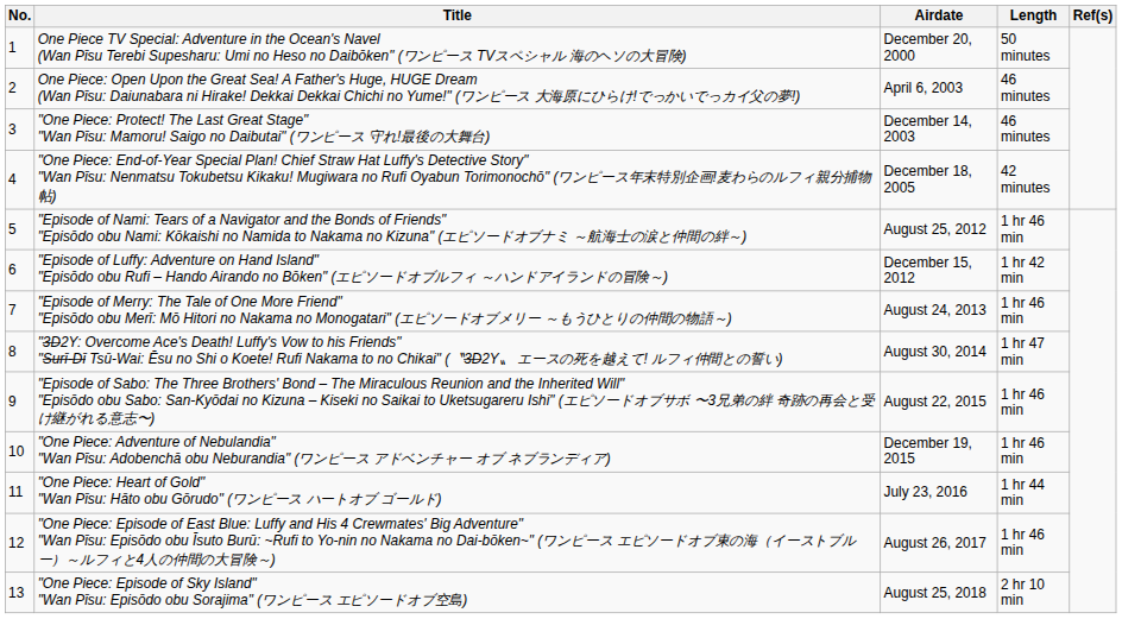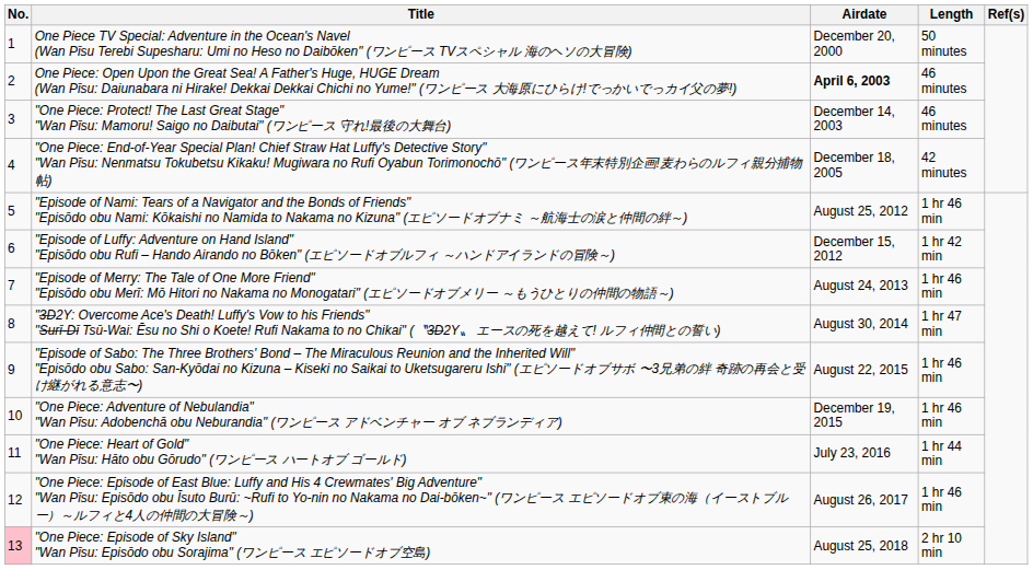 <table class="wikitable" style="width:100%;" style="font-size: 100%;">
 <tr style="text-align:center;">
 <th>No.</th>
 <th>Title</th>
 <th>Airdate</th>
 <th>Length</th>
 <th>Ref(s)</th>
 </tr>
 <tr>
 <td>1</td>
 <td><em>One Piece TV Special: Adventure in the Ocean's Navel<br>(Wan Pīsu Terebi Supesharu: Umi no Heso no Daibōken" (ワンピース TVスペシャル 海のヘソの大冒険)</em></td>
 <td>December 20, 2000</td>
 <td>50 minutes</td>
 <td rowspan="4"></td>
 </tr>
 <tr>
 <td>2</td>
 <td><em>One Piece: Open Upon the Great Sea! A Father's Huge, HUGE Dream<br>(Wan Pīsu: Daiunabara ni Hirake! Dekkai Dekkai Chichi no Yume!" (ワンピース 大海原にひらけ!でっかいでっカイ父の夢!)</em></td>
-<td>April 6, 2003</td>
+<td><strong>April 6, 2003</strong></td>
 <td>46 minutes</td>
 </tr>
 <tr>
 <td>3</td>
 <td><em>"One Piece: Protect! The Last Great Stage"<br>"Wan Pīsu: Mamoru! Saigo no Daibutai" (ワンピース 守れ!最後の大舞台)</em></td>
 <td>December 14, 2003</td>
 <td>46 minutes</td>
 </tr>
 <tr>
 <td>4</td>
 <td><em>"One Piece: End-of-Year Special Plan! Chief Straw Hat Luffy's Detective Story"<br>"Wan Pīsu: Nenmatsu Tokubetsu Kikaku! Mugiwara no Rufi Oyabun Torimonochō" (ワンピース年末特別企画!麦わらのルフィ親分捕物帖)</em></td>
 <td>December 18, 2005</td>
 <td>42 minutes</td>
 </tr>
 <tr>
 <td>5</td>
 <td><em>"Episode of Nami: Tears of a Navigator and the Bonds of Friends"<br>"Episōdo obu Nami: Kōkaishi no Namida to Nakama no Kizuna" (エピソードオブナミ ～航海士の涙と仲間の絆～)</em></td>
 <td>August 25, 2012</td>
 <td>1 hr 46 min</td>
 <td rowspan="9"></td>
 </tr>
 <tr>
 <td>6</td>
 <td><em>"Episode of Luffy: Adventure on Hand Island"<br>"Episōdo obu Rufi – Hando Airando no Bōken" (エピソードオブルフィ ～ハンドアイランドの冒険～)</em></td>
 <td>December 15, 2012</td>
 <td>1 hr 42 min</td>
 </tr>
 <tr>
 <td>7</td>
 <td><em>"Episode of Merry: The Tale of One More Friend"<br>"Episōdo obu Merī: Mō Hitori no Nakama no Monogatari" (エピソードオブメリー ～もうひとりの仲間の物語～)</em></td>
 <td>August 24, 2013</td>
 <td>1 hr 46 min</td>
 </tr>
 <tr>
 <td>8</td>
 <td><em>"<s>3D</s>2Y: Overcome Ace's Death! Luffy's Vow to his Friends"<br>"<s>Surī-Dī</s> Tsū-Wai: Ēsu no Shi o Koete! Rufi Nakama to no Chikai" (〝<s>3D</s>2Y〟 エースの死を越えて! ルフィ仲間との誓い)</em></td>
 <td>August 30, 2014</td>
 <td>1 hr 47 min</td>
 </tr>
 <tr>
 <td>9</td>
 <td><em>"Episode of Sabo: The Three Brothers' Bond – The Miraculous Reunion and the Inherited Will"<br>"Episōdo obu Sabo: San-Kyōdai no Kizuna – Kiseki no Saikai to Uketsugareru Ishi" (エピソードオブサボ 〜3兄弟の絆 奇跡の再会と受け継がれる意志〜)</em></td>
 <td>August 22, 2015</td>
 <td>1 hr 46 min</td>
 </tr>
 <tr>
 <td>10</td>
 <td><em>"One Piece: Adventure of Nebulandia"<br>"Wan Pīsu: Adobenchā obu Neburandia" (ワンピース アドベンチャー オブ ネブランディア)</em></td>
 <td>December 19, 2015</td>
 <td>1 hr 46 min</td>
 </tr>
 <tr>
 <td>11</td>
 <td><em>"One Piece: Heart of Gold"<br>"Wan Pīsu: Hāto obu Gōrudo" (ワンピース ハートオブ ゴールド)</em></td>
 <td>July 23, 2016</td>
 <td>1 hr 44 min</td>
 </tr>
 <tr>
 <td>12</td>
 <td><em>"One Piece: Episode of East Blue: Luffy and His 4 Crewmates' Big Adventure"<br>"Wan Pīsu: Episōdo obu Īsuto Burū: ~Rufi to Yo-nin no Nakama no Dai-bōken~" (ワンピース エピソードオブ東の海（イーストブルー）～ルフィと4人の仲間の大冒険～)</em></td>
 <td>August 26, 2017</td>
 <td>1 hr 46 min</td>
 </tr>
 <tr>
-<td>13</td>
+<td style="background: pink;">13</td>
 <td><em>"One Piece: Episode of Sky Island"<br>"Wan Pīsu: Episōdo obu Sorajima" (ワンピース エピソードオブ空島)</em></td>
 <td>August 25, 2018</td>
 <td>2 hr 10 min</td>
 </tr>
 </table>
